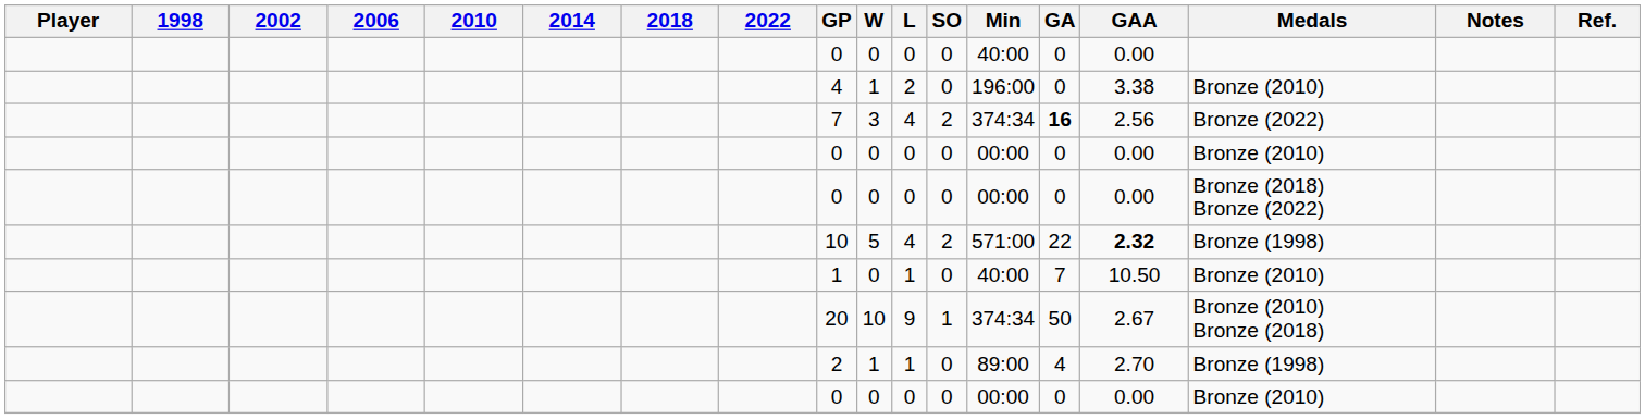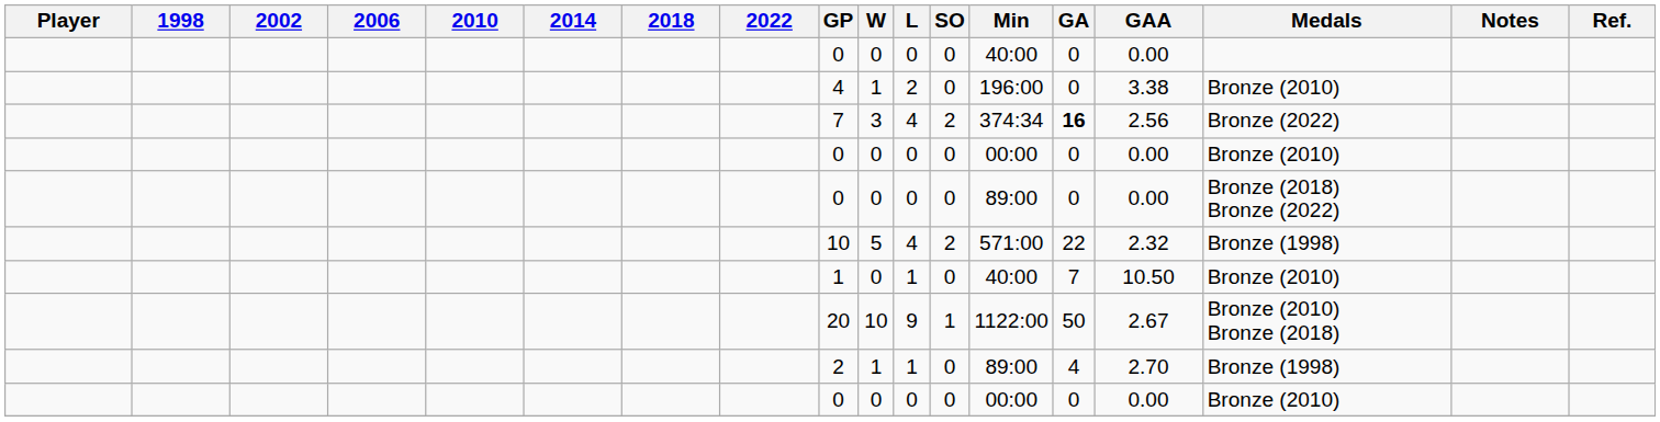 <table class="wikitable sortable" style="text-align:center" width="100%">
 <tr>
 <th>Player</th>
 <th><a href='#'>1998</a></th>
 <th><a href='#'>2002</a></th>
 <th><a href='#'>2006</a></th>
 <th><a href='#'>2010</a></th>
 <th><a href='#'>2014</a></th>
 <th><a href='#'>2018</a></th>
 <th><a href='#'>2022</a></th>
 <th width=20px>GP</th>
 <th width=20px>W</th>
 <th width=20px>L</th>
 <th width=20px>SO</th>
 <th width=20px>Min</th>
 <th width=20px>GA</th>
 <th>GAA</th>
 <th>Medals</th>
 <th class="unsortable">Notes</th>
 <th class="unsortable">Ref.</th>
 </tr>
 <tr>
 <td align="left"></td>
 <td></td>
 <td></td>
 <td></td>
 <td></td>
 <td></td>
 <td></td>
 <td></td>
 <td>0</td>
 <td>0</td>
 <td>0</td>
 <td>0</td>
 <td>40:00</td>
 <td>0</td>
 <td>0.00</td>
 <td align="left"></td>
 <td></td>
 <td></td>
 </tr>
 <tr>
 <td align="left"></td>
 <td></td>
 <td></td>
 <td></td>
 <td></td>
 <td></td>
 <td></td>
 <td></td>
 <td>4</td>
 <td>1</td>
 <td>2</td>
 <td>0</td>
 <td>196:00</td>
 <td>0</td>
 <td>3.38</td>
 <td align="left"> Bronze (2010)</td>
 <td></td>
 <td></td>
 </tr>
 <tr>
 <td align="left"></td>
 <td></td>
 <td></td>
 <td></td>
 <td></td>
 <td></td>
 <td></td>
 <td></td>
 <td>7</td>
 <td>3</td>
 <td>4</td>
 <td>2</td>
 <td>374:34</td>
 <td><strong>16</strong></td>
 <td>2.56</td>
 <td align="left"> Bronze (2022)</td>
 <td></td>
 <td></td>
 </tr>
 <tr>
 <td align="left"></td>
 <td></td>
 <td></td>
 <td></td>
 <td></td>
 <td></td>
 <td></td>
 <td></td>
 <td>0</td>
 <td>0</td>
 <td>0</td>
 <td>0</td>
 <td>00:00</td>
 <td>0</td>
 <td>0.00</td>
 <td align="left"> Bronze (2010)</td>
 <td></td>
 <td></td>
 </tr>
 <tr>
 <td align="left"></td>
 <td></td>
 <td></td>
 <td></td>
 <td></td>
 <td></td>
 <td></td>
 <td></td>
 <td>0</td>
 <td>0</td>
 <td>0</td>
 <td>0</td>
-<td>00:00</td>
+<td>89:00</td>
 <td>0</td>
 <td>0.00</td>
 <td align="left"> Bronze (2018)<br> Bronze (2022)</td>
 <td></td>
 <td></td>
 </tr>
 <tr>
 <td align="left"></td>
 <td></td>
 <td></td>
 <td></td>
 <td></td>
 <td></td>
 <td></td>
 <td></td>
 <td>10</td>
 <td>5</td>
 <td>4</td>
 <td>2</td>
 <td>571:00</td>
 <td>22</td>
-<td><strong>2.32</strong></td>
+<td>2.32</td>
 <td align="left"> Bronze (1998)</td>
 <td></td>
 <td></td>
 </tr>
 <tr>
 <td align="left"></td>
 <td></td>
 <td></td>
 <td></td>
 <td></td>
 <td></td>
 <td></td>
 <td></td>
 <td>1</td>
 <td>0</td>
 <td>1</td>
 <td>0</td>
 <td>40:00</td>
 <td>7</td>
 <td>10.50</td>
 <td align="left"> Bronze (2010)</td>
 <td></td>
 <td></td>
 </tr>
 <tr>
 <td align="left"></td>
 <td></td>
 <td></td>
 <td></td>
 <td></td>
 <td></td>
 <td></td>
 <td></td>
 <td>20</td>
 <td>10</td>
 <td>9</td>
 <td>1</td>
-<td>374:34</td>
+<td>1122:00</td>
 <td>50</td>
 <td>2.67</td>
 <td align="left"> Bronze (2010)<br> Bronze (2018)</td>
 <td align="left"></td>
 <td></td>
 </tr>
 <tr>
 <td align="left"></td>
 <td></td>
 <td></td>
 <td></td>
 <td></td>
 <td></td>
 <td></td>
 <td></td>
 <td>2</td>
 <td>1</td>
 <td>1</td>
 <td>0</td>
 <td>89:00</td>
 <td>4</td>
 <td>2.70</td>
 <td align="left"> Bronze (1998)</td>
 <td></td>
 <td></td>
 </tr>
 <tr>
 <td align="left"></td>
 <td></td>
 <td></td>
 <td></td>
 <td></td>
 <td></td>
 <td></td>
 <td></td>
 <td>0</td>
 <td>0</td>
 <td>0</td>
 <td>0</td>
 <td>00:00</td>
 <td>0</td>
 <td>0.00</td>
 <td align="left"> Bronze (2010)</td>
 <td></td>
 <td></td>
 </tr>
 <tr>
 </tr>
 </table>
